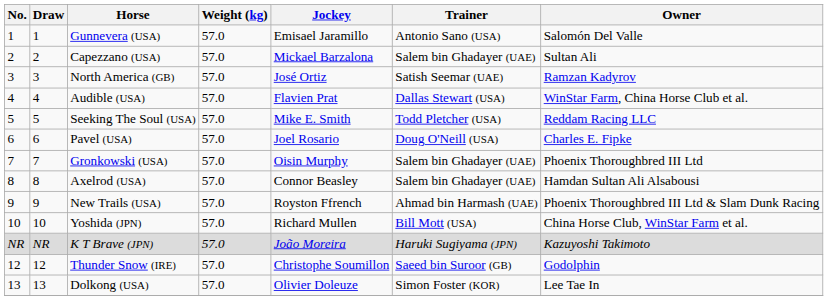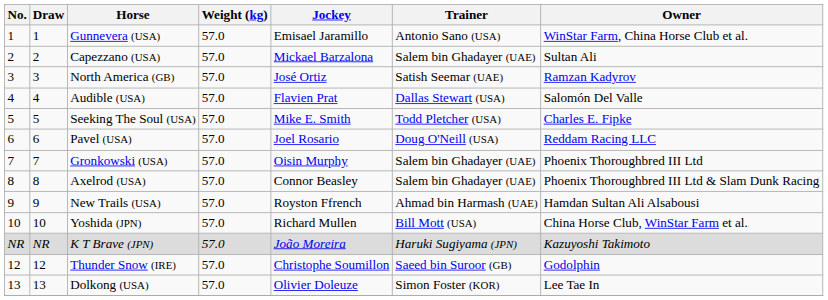 <table class="wikitable sortable">
 <tr>
 <th>No.</th>
 <th>Draw</th>
 <th>Horse</th>
 <th>Weight (<a href='#'>kg</a>)</th>
 <th><a href='#'>Jockey</a></th>
 <th>Trainer</th>
 <th>Owner</th>
 </tr>
 <tr>
 <td>1</td>
 <td>1</td>
 <td><a href='#'>Gunnevera</a> <small>(USA)</small></td>
 <td>57.0</td>
 <td>Emisael Jaramillo</td>
 <td>Antonio Sano <small>(USA)</small></td>
-<td>Salomón Del Valle</td>
+<td><a href='#'>WinStar Farm</a>, China Horse Club et al.</td>
 </tr>
 <tr>
 <td>2</td>
 <td>2</td>
 <td>Capezzano <small>(USA)</small></td>
 <td>57.0</td>
 <td><a href='#'>Mickael Barzalona</a></td>
 <td>Salem bin Ghadayer <small>(UAE)</small></td>
 <td>Sultan Ali</td>
 </tr>
 <tr>
 <td>3</td>
 <td>3</td>
 <td>North America <small>(GB)</small></td>
 <td>57.0</td>
 <td><a href='#'>José Ortiz</a></td>
 <td>Satish Seemar <small>(UAE)</small></td>
 <td><a href='#'>Ramzan Kadyrov</a></td>
 </tr>
 <tr>
 <td>4</td>
 <td>4</td>
 <td>Audible <small>(USA)</small></td>
 <td>57.0</td>
 <td><a href='#'>Flavien Prat</a></td>
 <td><a href='#'>Dallas Stewart</a> <small>(USA)</small></td>
-<td><a href='#'>WinStar Farm</a>, China Horse Club et al.</td>
+<td>Salomón Del Valle</td>
 </tr>
 <tr>
 <td>5</td>
 <td>5</td>
 <td>Seeking The Soul <small>(USA)</small></td>
 <td>57.0</td>
 <td><a href='#'>Mike E. Smith</a></td>
 <td><a href='#'>Todd Pletcher</a> <small>(USA)</small></td>
-<td><a href='#'>Reddam Racing LLC</a></td>
+<td><a href='#'>Charles E. Fipke</a></td>
 </tr>
 <tr>
 <td>6</td>
 <td>6</td>
 <td>Pavel <small>(USA)</small></td>
 <td>57.0</td>
 <td><a href='#'>Joel Rosario</a></td>
 <td><a href='#'>Doug O'Neill</a> <small>(USA)</small></td>
-<td><a href='#'>Charles E. Fipke</a></td>
+<td><a href='#'>Reddam Racing LLC</a></td>
 </tr>
 <tr>
 <td>7</td>
 <td>7</td>
 <td><a href='#'>Gronkowski</a> <small>(USA)</small></td>
 <td>57.0</td>
 <td><a href='#'>Oisin Murphy</a></td>
 <td>Salem bin Ghadayer <small>(UAE)</small></td>
 <td>Phoenix Thoroughbred III Ltd</td>
 </tr>
 <tr>
 <td>8</td>
 <td>8</td>
 <td>Axelrod <small>(USA)</small></td>
 <td>57.0</td>
 <td>Connor Beasley</td>
 <td>Salem bin Ghadayer <small>(UAE)</small></td>
-<td>Hamdan Sultan Ali Alsabousi</td>
+<td>Phoenix Thoroughbred III Ltd & Slam Dunk Racing</td>
 </tr>
 <tr>
 <td>9</td>
 <td>9</td>
 <td>New Trails <small>(USA)</small></td>
 <td>57.0</td>
 <td>Royston Ffrench</td>
 <td>Ahmad bin Harmash <small>(UAE)</small></td>
-<td>Phoenix Thoroughbred III Ltd & Slam Dunk Racing</td>
+<td>Hamdan Sultan Ali Alsabousi</td>
 </tr>
 <tr>
 <td>10</td>
 <td>10</td>
 <td>Yoshida <small>(JPN)</small></td>
 <td>57.0</td>
 <td>Richard Mullen</td>
 <td><a href='#'>Bill Mott</a> <small>(USA)</small></td>
 <td>China Horse Club, <a href='#'>WinStar Farm</a> et al.</td>
 </tr>
 <tr style="background:#DCDCDC">
 <td><em>NR</em></td>
 <td><em>NR</em></td>
 <td><em>K T Brave <small>(JPN)</small></em></td>
 <td><em>57.0</em></td>
 <td><em><a href='#'>João Moreira</a></em></td>
 <td><em>Haruki Sugiyama <small>(JPN)</small></em></td>
 <td><em>Kazuyoshi Takimoto</em></td>
 </tr>
 <tr>
 <td>12</td>
 <td>12</td>
 <td><a href='#'>Thunder Snow</a> <small>(IRE)</small></td>
 <td>57.0</td>
 <td><a href='#'>Christophe Soumillon</a></td>
 <td><a href='#'>Saeed bin Suroor</a> <small>(GB)</small></td>
 <td><a href='#'>Godolphin</a></td>
 </tr>
 <tr>
 <td>13</td>
 <td>13</td>
 <td>Dolkong <small>(USA)</small></td>
 <td>57.0</td>
 <td><a href='#'>Olivier Doleuze</a></td>
 <td>Simon Foster <small>(KOR)</small></td>
 <td>Lee Tae In</td>
 </tr>
 <tr>
 </tr>
 </table>
